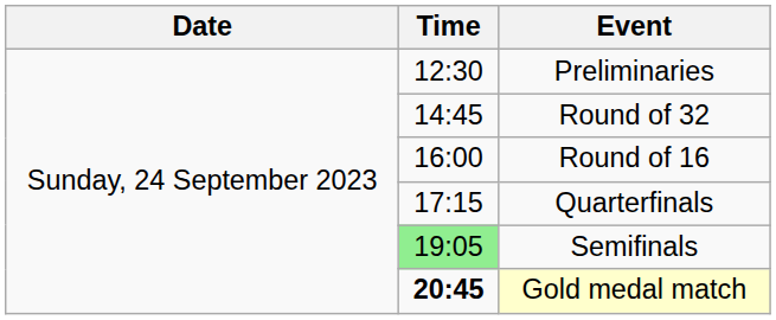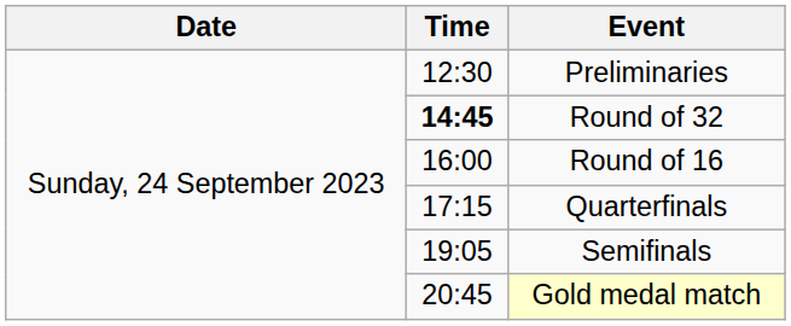 <table class = "wikitable" style="text-align:center;">
 <tr>
 <th width=220>Date</th>
 <th width=50>Time</th>
 <th width=150>Event</th>
 </tr>
 <tr>
 <td rowspan=6>Sunday, 24 September 2023</td>
 <td>12:30</td>
 <td>Preliminaries</td>
 </tr>
 <tr>
-<td>14:45</td>
+<td><strong>14:45</strong></td>
 <td>Round of 32</td>
 </tr>
 <tr>
 <td>16:00</td>
 <td>Round of 16</td>
 </tr>
 <tr>
 <td>17:15</td>
 <td>Quarterfinals</td>
 </tr>
 <tr>
-<td style="background: lightgreen;">19:05</td>
+<td>19:05</td>
 <td>Semifinals</td>
 </tr>
 <tr>
-<td><strong>20:45</strong></td>
+<td>20:45</td>
 <td bgcolor=ffffcc>Gold medal match</td>
 </tr>
 </table>
